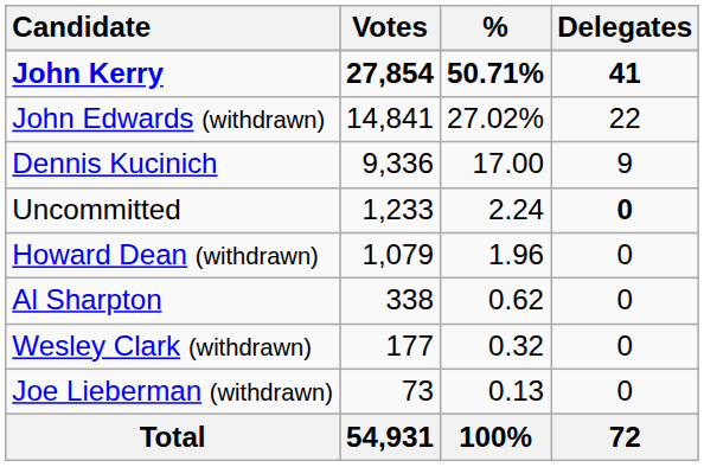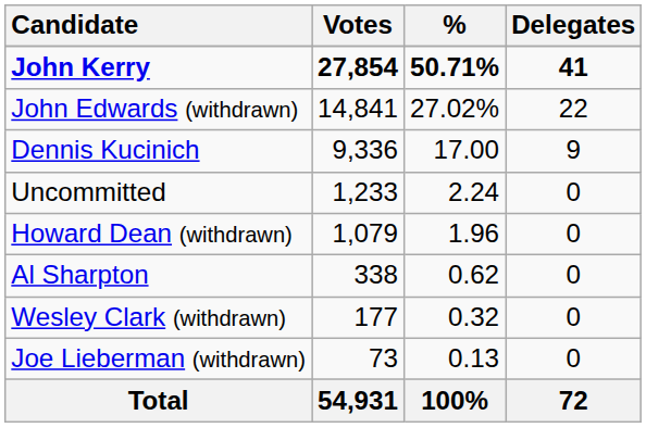 <table class="wikitable sortable plainrowheaders" style="text-align:right;">
 <tr>
 <th style="text-align:left;">Candidate</th>
 <th>Votes</th>
 <th>%</th>
 <th>Delegates</th>
 </tr>
 <tr>
 </tr>
 <tr>
 <td style="text-align:left;"><strong><a href='#'>John Kerry</a></strong></td>
 <td><strong>27,854</strong></td>
 <td><strong>50.71%</strong></td>
 <td style="text-align:center;"><strong>41</strong></td>
 </tr>
 <tr>
 <td style="text-align:left;"><a href='#'>John Edwards</a> <small>(withdrawn)</small></td>
 <td>14,841</td>
 <td>27.02%</td>
 <td style="text-align:center;">22</td>
 </tr>
 <tr>
 <td style="text-align:left;"><a href='#'>Dennis Kucinich</a></td>
 <td>9,336</td>
 <td>17.00</td>
 <td style="text-align:center;">9</td>
 </tr>
 <tr>
 <td style="text-align:left;">Uncommitted</td>
 <td>1,233</td>
 <td>2.24</td>
-<td style="text-align:center;"><strong>0</strong></td>
+<td style="text-align:center;">0</td>
 </tr>
 <tr>
 <td style="text-align:left;"><a href='#'>Howard Dean</a> <small>(withdrawn)</small></td>
 <td>1,079</td>
 <td>1.96</td>
 <td style="text-align:center;">0</td>
 </tr>
 <tr>
 <td style="text-align:left;"><a href='#'>Al Sharpton</a></td>
 <td>338</td>
 <td>0.62</td>
 <td style="text-align:center;">0</td>
 </tr>
 <tr>
 <td style="text-align:left;"><a href='#'>Wesley Clark</a> <small>(withdrawn)</small></td>
 <td>177</td>
 <td>0.32</td>
 <td style="text-align:center;">0</td>
 </tr>
 <tr>
 <td style="text-align:left;"><a href='#'>Joe Lieberman</a> <small>(withdrawn)</small></td>
 <td>73</td>
 <td>0.13</td>
 <td style="text-align:center;">0</td>
 </tr>
 <tr class="sortbottom">
 <th>Total</th>
 <th>54,931</th>
 <th>100%</th>
 <th>72</th>
 </tr>
 </table>
